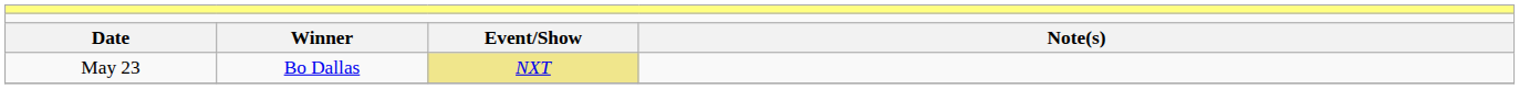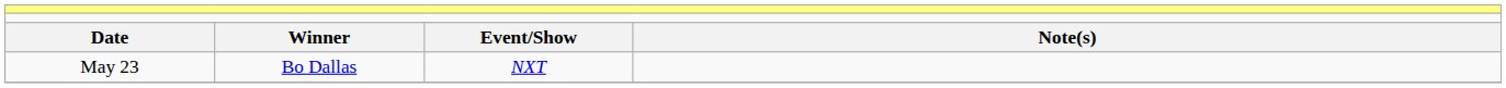 <table class="wikitable" style="text-align:center; width:100%;">
 <tr style="background:#FFFF80;">
 <td colspan="5"></td>
 </tr>
 <tr>
 <td colspan="5"><strong></strong></td>
 </tr>
 <tr>
 <th width=14%>Date</th>
 <th width=14%>Winner</th>
 <th width=14%>Event/Show</th>
 <th width=58%>Note(s)</th>
 </tr>
 <tr>
 <td>May 23<br></td>
 <td><a href='#'>Bo Dallas</a></td>
-<td style="background: khaki;"><em><a href='#'>NXT</a></em></td>
+<td><em><a href='#'>NXT</a></em></td>
 <td></td>
 </tr>
 <tr>
 </tr>
 </table>
